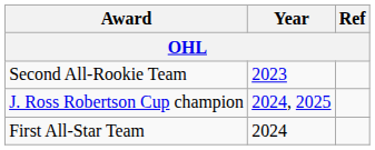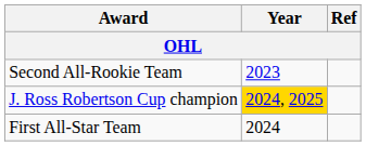 <table class="wikitable">
 <tr>
 <th>Award</th>
 <th>Year</th>
 <th>Ref</th>
 </tr>
 <tr>
 <th colspan="3"><a href='#'>OHL</a></th>
 </tr>
 <tr>
 <td>Second All-Rookie Team</td>
 <td><a href='#'>2023</a></td>
 <td></td>
 </tr>
 <tr>
 <td><a href='#'>J. Ross Robertson Cup</a> champion</td>
-<td><a href='#'>2024</a>, <a href='#'>2025</a></td>
+<td style="background: gold;"><a href='#'>2024</a>, <a href='#'>2025</a></td>
 <td></td>
 </tr>
 <tr>
 <td>First All-Star Team</td>
 <td>2024</td>
 <td></td>
 </tr>
 </table>
